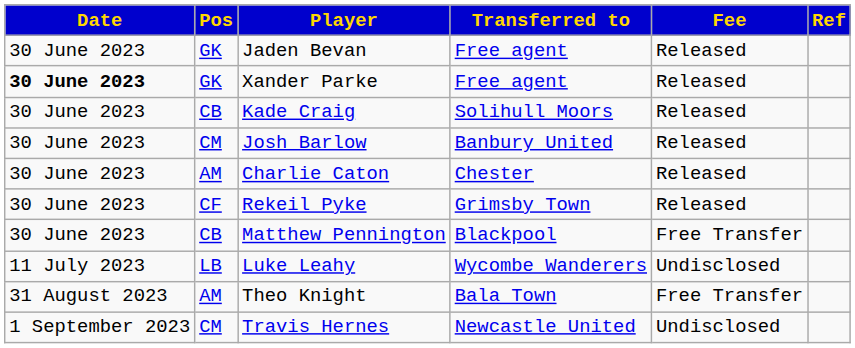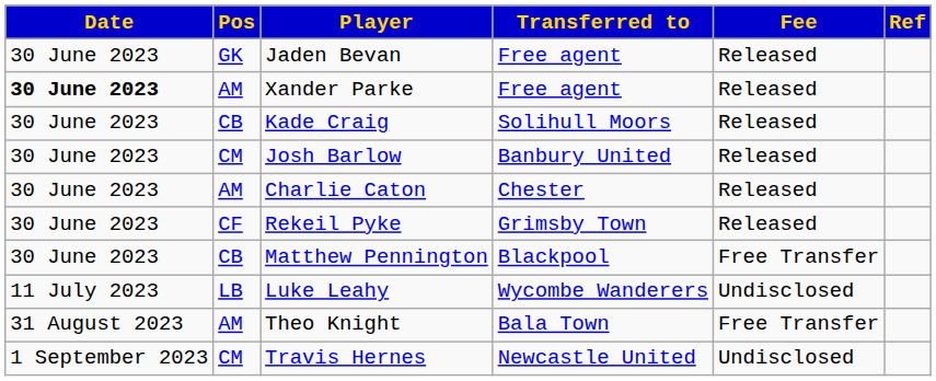 <table class="wikitable plainrowheaders sortable">
 <tr>
 <th style="background:mediumblue;color:gold;">Date</th>
 <th style="background:mediumblue;color:gold;">Pos</th>
 <th style="background:mediumblue;color:gold;">Player</th>
 <th style="background:mediumblue;color:gold;">Transferred to</th>
 <th style="background:mediumblue;color:gold;">Fee</th>
 <th style="background:mediumblue;color:gold;">Ref</th>
 </tr>
 <tr>
 <td>30 June 2023</td>
 <td><a href='#'>GK</a></td>
 <td> Jaden Bevan</td>
 <td> <a href='#'>Free agent</a></td>
 <td>Released</td>
 <td></td>
 </tr>
 <tr>
 <td><strong>30 June 2023</strong></td>
-<td><a href='#'>GK</a></td>
+<td><a href='#'>AM</a></td>
 <td> Xander Parke</td>
 <td> <a href='#'>Free agent</a></td>
 <td>Released</td>
 <td></td>
 </tr>
 <tr>
 <td>30 June 2023</td>
 <td><a href='#'>CB</a></td>
 <td> <a href='#'>Kade Craig</a></td>
 <td> <a href='#'>Solihull Moors</a></td>
 <td>Released</td>
 <td></td>
 </tr>
 <tr>
 <td>30 June 2023</td>
 <td><a href='#'>CM</a></td>
 <td> <a href='#'>Josh Barlow</a></td>
 <td> <a href='#'>Banbury United</a></td>
 <td>Released</td>
 <td></td>
 </tr>
 <tr>
 <td>30 June 2023</td>
 <td><a href='#'>AM</a></td>
 <td> <a href='#'>Charlie Caton</a></td>
 <td> <a href='#'>Chester</a></td>
 <td>Released</td>
 <td></td>
 </tr>
 <tr>
 <td>30 June 2023</td>
 <td><a href='#'>CF</a></td>
 <td> <a href='#'>Rekeil Pyke</a></td>
 <td> <a href='#'>Grimsby Town</a></td>
 <td>Released</td>
 <td></td>
 </tr>
 <tr>
 <td>30 June 2023</td>
 <td><a href='#'>CB</a></td>
 <td> <a href='#'>Matthew Pennington</a></td>
 <td> <a href='#'>Blackpool</a></td>
 <td>Free Transfer</td>
 <td></td>
 </tr>
 <tr>
 <td>11 July 2023</td>
 <td><a href='#'>LB</a></td>
 <td> <a href='#'>Luke Leahy</a></td>
 <td> <a href='#'>Wycombe Wanderers</a></td>
 <td>Undisclosed</td>
 <td></td>
 </tr>
 <tr>
 <td>31 August 2023</td>
 <td><a href='#'>AM</a></td>
 <td> Theo Knight</td>
 <td> <a href='#'>Bala Town</a></td>
 <td>Free Transfer</td>
 <td></td>
 </tr>
 <tr>
 <td>1 September 2023</td>
 <td><a href='#'>CM</a></td>
 <td> <a href='#'>Travis Hernes</a></td>
 <td> <a href='#'>Newcastle United</a></td>
 <td>Undisclosed</td>
 <td></td>
 </tr>
 </table>
